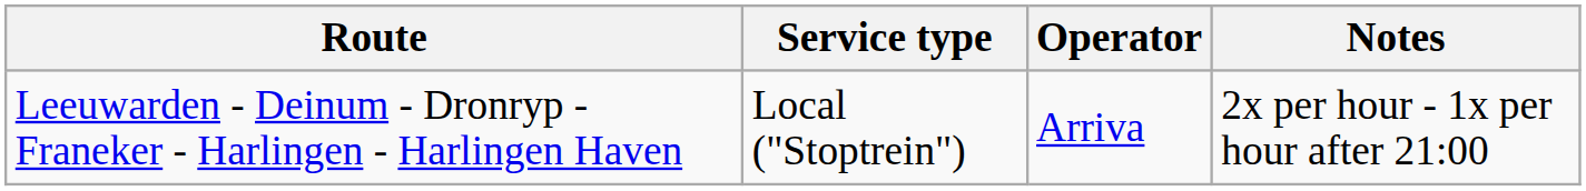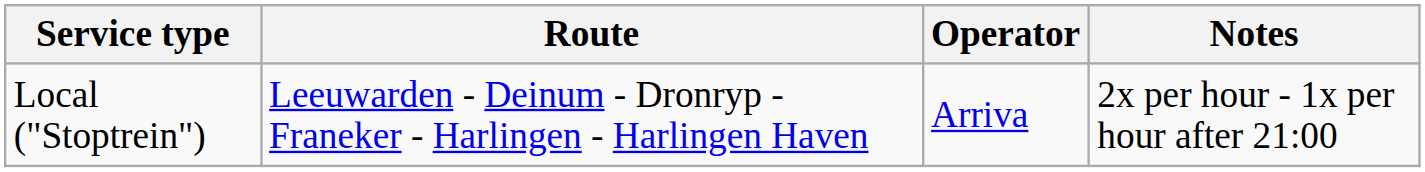 <table class="wikitable">
 <tr>
+<th>Service type</th>
 <th>Route</th>
-<th>Service type</th>
 <th>Operator</th>
 <th>Notes</th>
 </tr>
 <tr>
+<td>Local ("Stoptrein")</td>
 <td><a href='#'>Leeuwarden</a> - <a href='#'>Deinum</a> - Dronryp - <a href='#'>Franeker</a> - <a href='#'>Harlingen</a> - <a href='#'>Harlingen Haven</a></td>
-<td>Local ("Stoptrein")</td>
 <td><a href='#'>Arriva</a></td>
 <td>2x per hour - 1x per hour after 21:00</td>
 </tr>
 </table>
